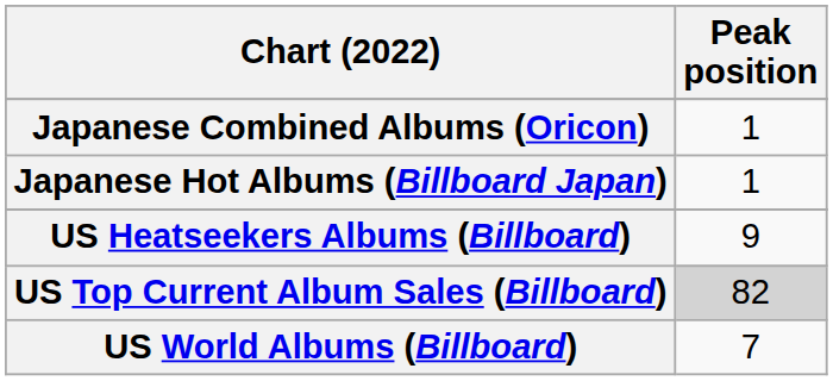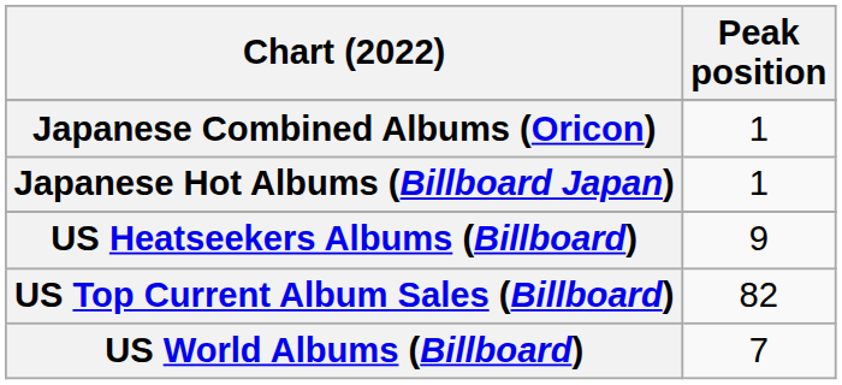 <table class="wikitable sortable plainrowheaders" style="text-align:center">
 <tr>
 <th scope="col">Chart (2022)</th>
 <th scope="col">Peak<br>position</th>
 </tr>
 <tr>
 </tr>
 <tr>
 </tr>
 <tr>
 </tr>
 <tr>
 <th scope="row">Japanese Combined Albums (<a href='#'>Oricon</a>)</th>
 <td>1</td>
 </tr>
 <tr>
 <th scope="row">Japanese Hot Albums (<em><a href='#'>Billboard Japan</a></em>)</th>
 <td>1</td>
 </tr>
 <tr>
 </tr>
 <tr>
 </tr>
 <tr>
 <th scope="row">US <a href='#'>Heatseekers Albums</a> (<em><a href='#'>Billboard</a></em>)</th>
 <td>9</td>
 </tr>
 <tr>
 <th scope="row">US <a href='#'>Top Current Album Sales</a> (<em><a href='#'>Billboard</a></em>)</th>
-<td style="background: lightgrey;">82</td>
+<td>82</td>
 </tr>
 <tr>
 <th scope="row">US <a href='#'>World Albums</a> (<em><a href='#'>Billboard</a></em>)</th>
 <td>7</td>
 </tr>
 </table>
